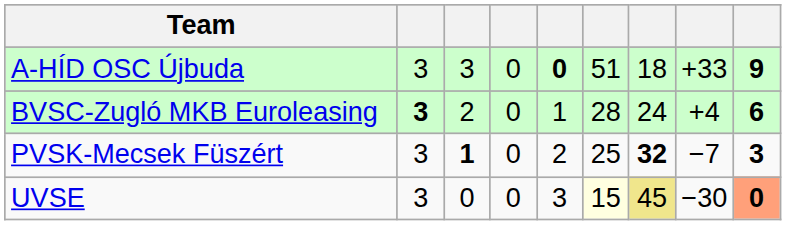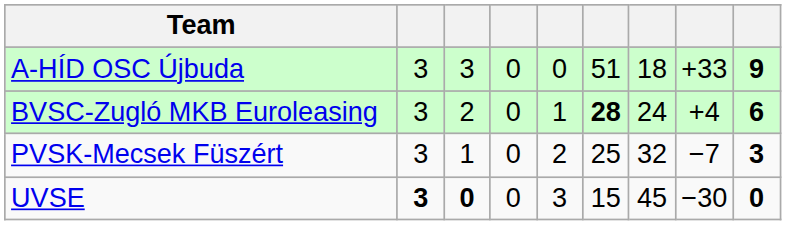 <table class="wikitable" style="text-align:center;">
 <tr>
 <th width=225>Team</th>
 <th width=20></th>
 <th width=20></th>
 <th width=20></th>
 <th width=20></th>
 <th width=20></th>
 <th width=20></th>
 <th width=20></th>
 <th width=20></th>
 </tr>
 <tr style="background:#cfc;">
 <td align="left"><a href='#'>A-HÍD OSC Újbuda</a></td>
 <td>3</td>
 <td>3</td>
 <td>0</td>
-<td><strong>0</strong></td>
+<td>0</td>
 <td>51</td>
 <td>18</td>
 <td>+33</td>
 <td><strong>9</strong></td>
 </tr>
 <tr style="background:#cfc;">
 <td align="left"><a href='#'>BVSC-Zugló MKB Euroleasing</a></td>
-<td><strong>3</strong></td>
+<td>3</td>
 <td>2</td>
 <td>0</td>
 <td>1</td>
-<td>28</td>
+<td><strong>28</strong></td>
 <td>24</td>
 <td>+4</td>
 <td><strong>6</strong></td>
 </tr>
 <tr>
 <td align="left"><a href='#'>PVSK-Mecsek Füszért</a></td>
 <td>3</td>
-<td><strong>1</strong></td>
+<td>1</td>
 <td>0</td>
 <td>2</td>
 <td>25</td>
-<td><strong>32</strong></td>
+<td>32</td>
 <td>−7</td>
 <td><strong>3</strong></td>
 </tr>
 <tr>
 <td align="left"><a href='#'>UVSE</a></td>
-<td>3</td>
-<td>0</td>
+<td><strong>3</strong></td>
+<td><strong>0</strong></td>
 <td>0</td>
 <td>3</td>
-<td style="background: lightyellow;">15</td>
-<td style="background: khaki;">45</td>
+<td>15</td>
+<td>45</td>
 <td>−30</td>
-<td style="background: lightsalmon;"><strong>0</strong></td>
+<td><strong>0</strong></td>
 </tr>
 </table>
